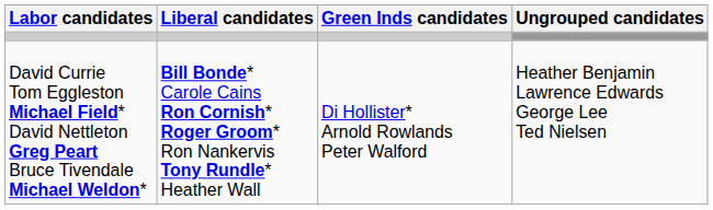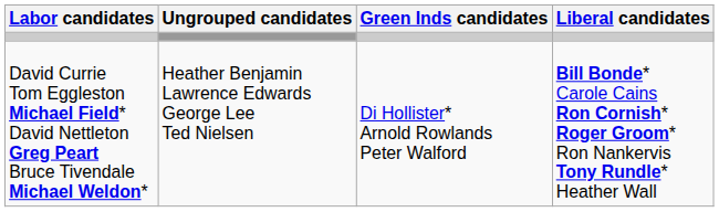 <table class="wikitable">
 <tr>
 <th><a href='#'>Labor</a> candidates</th>
+<th>Ungrouped candidates</th>
+<th><a href='#'>Green Inds</a> candidates</th>
 <th><a href='#'>Liberal</a> candidates</th>
-<th><a href='#'>Green Inds</a> candidates</th>
-<th>Ungrouped candidates</th>
 </tr>
 <tr bgcolor="#cccccc">
 <td></td>
+<td bgcolor="#999999"></td>
 <td></td>
 <td></td>
-<td bgcolor="#999999"></td>
 </tr>
 <tr>
 <td><br>David Currie<br> Tom Eggleston<br> <strong><a href='#'>Michael Field</a></strong>*<br> David Nettleton<br> <strong><a href='#'>Greg Peart</a></strong><br> Bruce Tivendale<br> <strong><a href='#'>Michael Weldon</a></strong>*</td>
+<td valign=top><br>Heather Benjamin<br> Lawrence Edwards<br> George Lee<br> Ted Nielsen</td>
+<td><br><a href='#'>Di Hollister</a>*<br> Arnold Rowlands<br> Peter Walford</td>
 <td><br><strong><a href='#'>Bill Bonde</a></strong>*<br> <a href='#'>Carole Cains</a><br> <strong><a href='#'>Ron Cornish</a></strong>*<br> <strong><a href='#'>Roger Groom</a></strong>*<br> Ron Nankervis<br> <strong><a href='#'>Tony Rundle</a></strong>*<br> Heather Wall</td>
-<td><br><a href='#'>Di Hollister</a>*<br> Arnold Rowlands<br> Peter Walford</td>
-<td valign=top><br>Heather Benjamin<br> Lawrence Edwards<br> George Lee<br> Ted Nielsen</td>
 </tr>
 </table>
